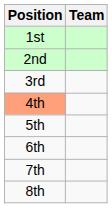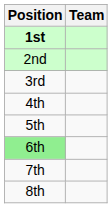 <table class="wikitable">
 <tr>
 <th width=>Position</th>
 <th width=>Team</th>
 </tr>
 <tr style="background:#cfc">
-<td style="text-align:center">1st</td>
+<td style="text-align:center"><strong>1st</strong></td>
 <td></td>
 </tr>
 <tr style="background:#cfc">
 <td style="text-align:center">2nd</td>
 <td></td>
 </tr>
 <tr>
 <td style="text-align:center">3rd</td>
 <td></td>
 </tr>
 <tr>
-<td style="background: lightsalmon; text-align:center">4th</td>
+<td style="text-align:center">4th</td>
 <td></td>
 </tr>
 <tr>
 <td style="text-align:center">5th</td>
 <td></td>
 </tr>
 <tr>
-<td style="text-align:center">6th</td>
+<td style="background: lightgreen; text-align:center">6th</td>
 <td></td>
 </tr>
 <tr>
 <td style="text-align:center">7th</td>
 <td></td>
 </tr>
 <tr>
 <td style="text-align:center">8th</td>
 <td></td>
 </tr>
 </table>
